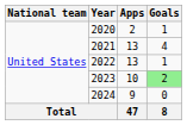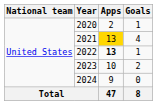 <table class="wikitable" style="text-align: center;">
 <tr>
 <th>National team</th>
 <th>Year</th>
 <th>Apps</th>
 <th>Goals</th>
 </tr>
 <tr>
 <td rowspan="5"><a href='#'>United States</a></td>
 <td>2020</td>
 <td>2</td>
 <td>1</td>
 </tr>
 <tr>
 <td>2021</td>
-<td>13</td>
+<td style="background: gold;">13</td>
 <td>4</td>
 </tr>
 <tr>
 <td>2022</td>
-<td>13</td>
+<td><strong>13</strong></td>
 <td>1</td>
 </tr>
 <tr>
 <td>2023</td>
 <td>10</td>
-<td style="background: lightgreen;">2</td>
+<td>2</td>
 </tr>
 <tr>
 <td>2024</td>
 <td>9</td>
 <td>0</td>
 </tr>
 <tr>
 <th colspan="2">Total</th>
 <th>47</th>
 <th>8</th>
 </tr>
 </table>
